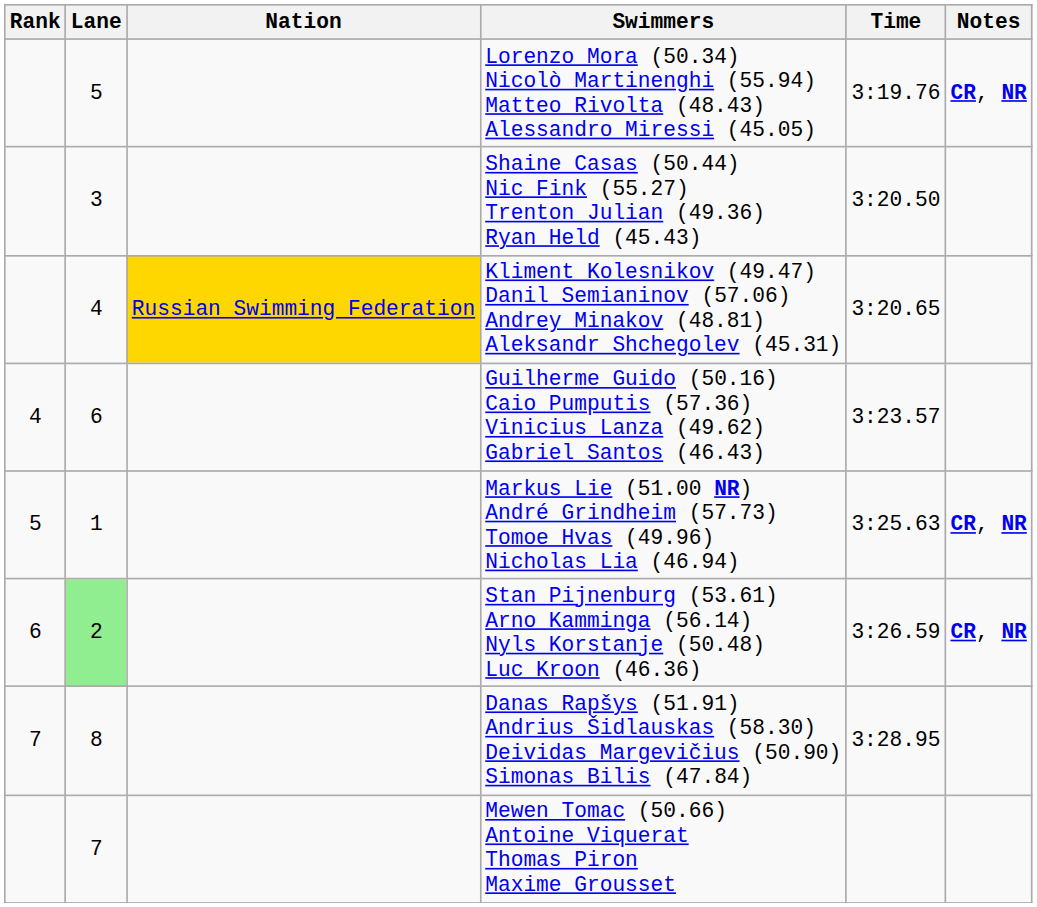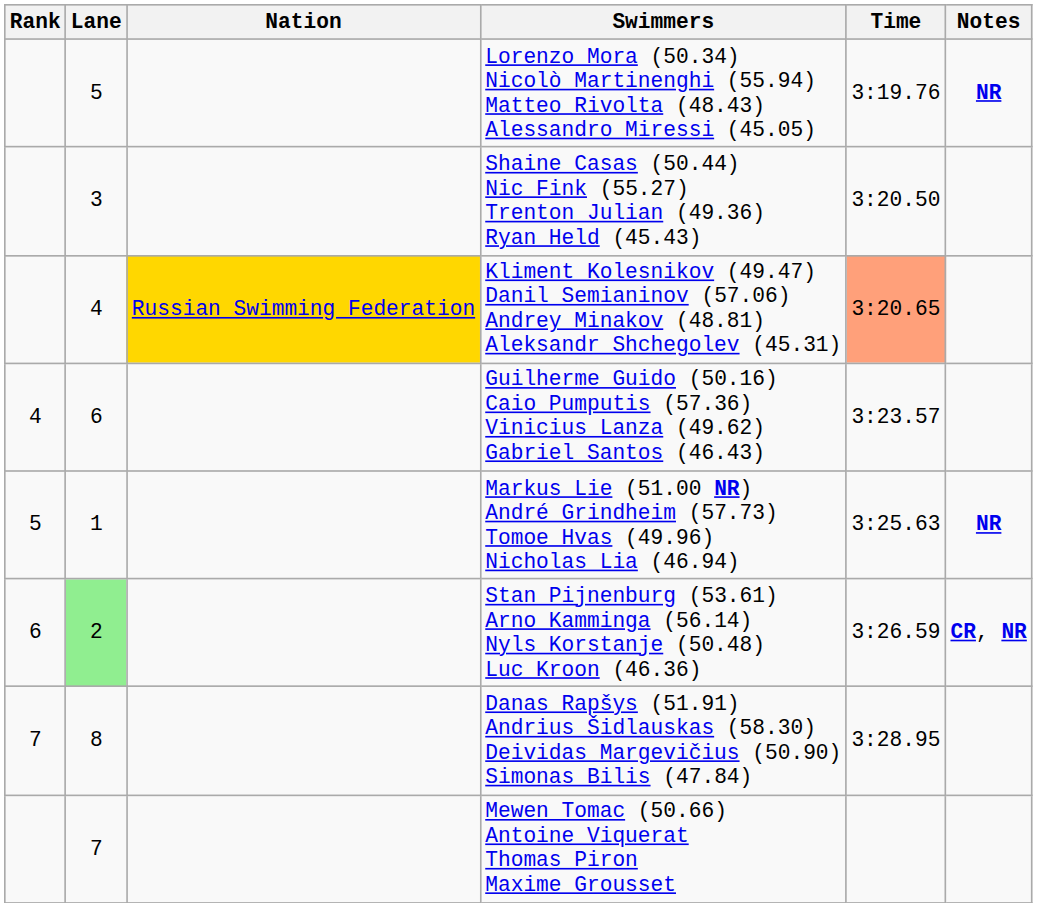 <table class="wikitable sortable" style="text-align:center">
 <tr>
 <th>Rank</th>
 <th>Lane</th>
 <th>Nation</th>
 <th>Swimmers</th>
 <th>Time</th>
 <th>Notes</th>
 </tr>
 <tr>
 <td></td>
 <td>5</td>
 <td align=left></td>
 <td align=left><a href='#'>Lorenzo Mora</a> (50.34)<br><a href='#'>Nicolò Martinenghi</a> (55.94)<br><a href='#'>Matteo Rivolta</a> (48.43)<br><a href='#'>Alessandro Miressi</a> (45.05)</td>
 <td>3:19.76</td>
-<td><strong><a href='#'>CR</a></strong>, <strong><a href='#'>NR</a></strong></td>
+<td><strong><a href='#'>NR</a></strong></td>
 </tr>
 <tr>
 <td></td>
 <td>3</td>
 <td align=left></td>
 <td align=left><a href='#'>Shaine Casas</a> (50.44)<br><a href='#'>Nic Fink</a> (55.27)<br><a href='#'>Trenton Julian</a> (49.36)<br><a href='#'>Ryan Held</a> (45.43)</td>
 <td>3:20.50</td>
 <td></td>
 </tr>
 <tr>
 <td></td>
 <td>4</td>
 <td align=left style="background: gold;"><a href='#'>Russian Swimming Federation</a></td>
 <td align=left><a href='#'>Kliment Kolesnikov</a> (49.47)<br><a href='#'>Danil Semianinov</a> (57.06)<br><a href='#'>Andrey Minakov</a> (48.81)<br><a href='#'>Aleksandr Shchegolev</a> (45.31)</td>
-<td>3:20.65</td>
+<td style="background: lightsalmon;">3:20.65</td>
 <td></td>
 </tr>
 <tr>
 <td>4</td>
 <td>6</td>
 <td align=left></td>
 <td align=left><a href='#'>Guilherme Guido</a> (50.16)<br><a href='#'>Caio Pumputis</a> (57.36)<br><a href='#'>Vinicius Lanza</a> (49.62)<br><a href='#'>Gabriel Santos</a> (46.43)</td>
 <td>3:23.57</td>
 <td></td>
 </tr>
 <tr>
 <td>5</td>
 <td>1</td>
 <td align=left></td>
 <td align=left><a href='#'>Markus Lie</a> (51.00 <strong><a href='#'>NR</a></strong>)<br><a href='#'>André Grindheim</a> (57.73)<br><a href='#'>Tomoe Hvas</a> (49.96)<br><a href='#'>Nicholas Lia</a> (46.94)</td>
 <td>3:25.63</td>
-<td><strong><a href='#'>CR</a></strong>, <strong><a href='#'>NR</a></strong></td>
+<td><strong><a href='#'>NR</a></strong></td>
 </tr>
 <tr>
 <td>6</td>
 <td style="background: lightgreen;">2</td>
 <td align=left></td>
 <td align=left><a href='#'>Stan Pijnenburg</a> (53.61)<br><a href='#'>Arno Kamminga</a> (56.14)<br><a href='#'>Nyls Korstanje</a> (50.48)<br><a href='#'>Luc Kroon</a> (46.36)</td>
 <td>3:26.59</td>
 <td><strong><a href='#'>CR</a></strong>, <strong><a href='#'>NR</a></strong></td>
 </tr>
 <tr>
 <td>7</td>
 <td>8</td>
 <td align=left></td>
 <td align=left><a href='#'>Danas Rapšys</a> (51.91)<br><a href='#'>Andrius Šidlauskas</a> (58.30)<br><a href='#'>Deividas Margevičius</a> (50.90)<br><a href='#'>Simonas Bilis</a> (47.84)</td>
 <td>3:28.95</td>
 <td></td>
 </tr>
 <tr>
 <td></td>
 <td>7</td>
 <td align=left></td>
 <td align=left><a href='#'>Mewen Tomac</a> (50.66)<br><a href='#'>Antoine Viquerat</a><br><a href='#'>Thomas Piron</a><br><a href='#'>Maxime Grousset</a></td>
 <td></td>
 <td></td>
 </tr>
 </table>
